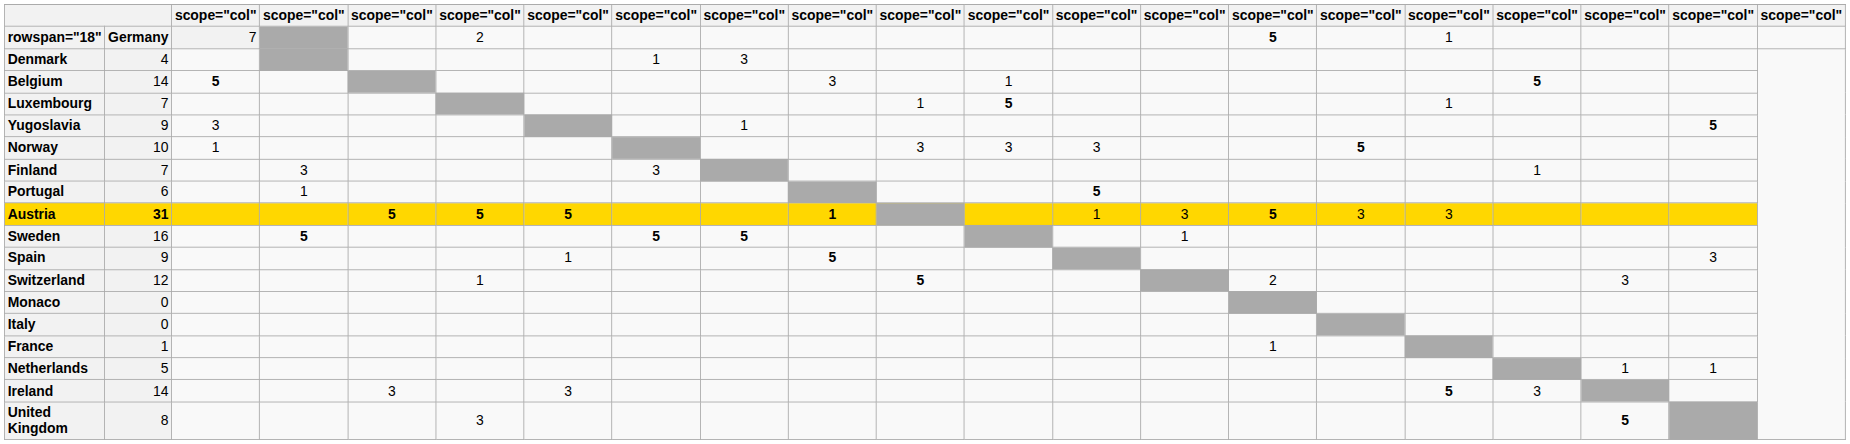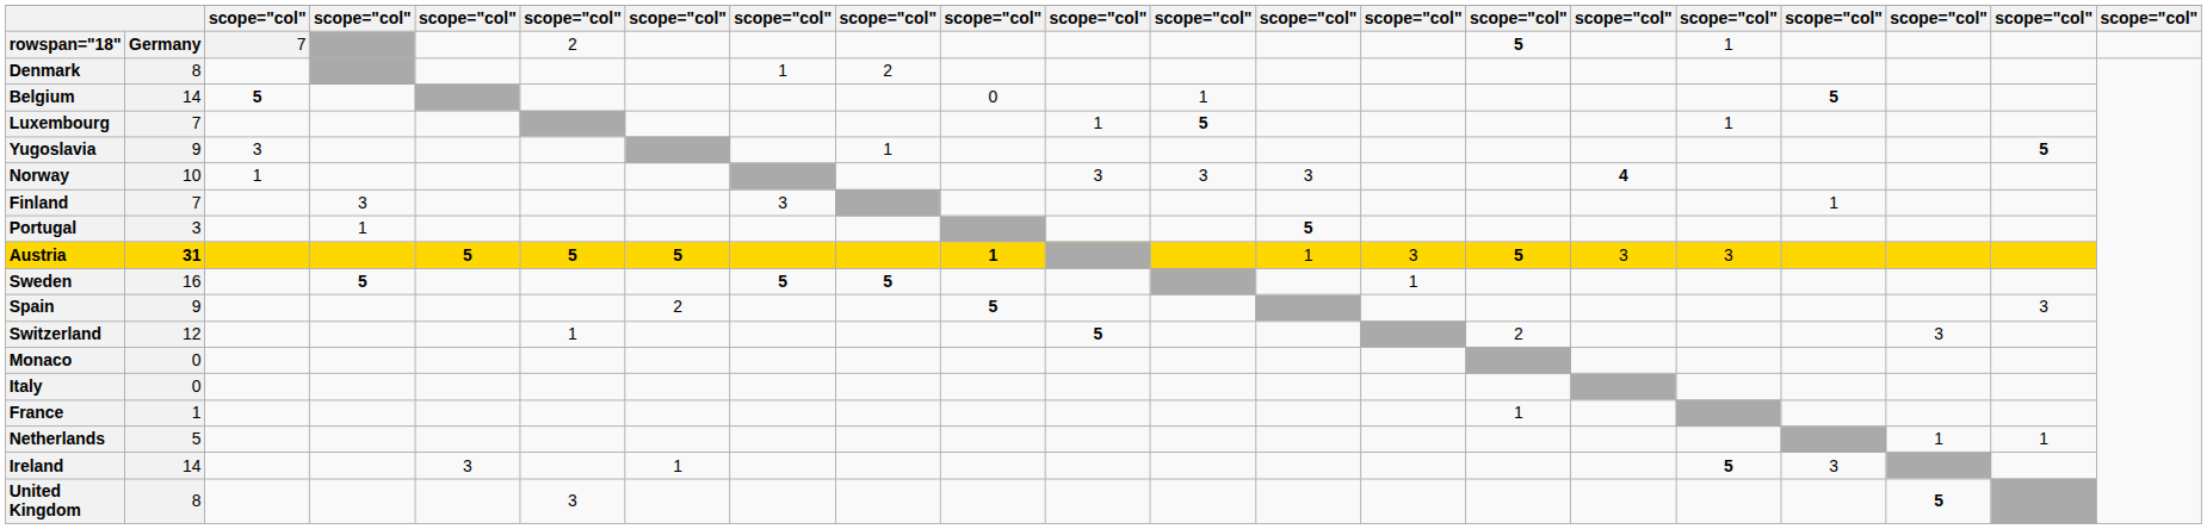 <table class="wikitable plainrowheaders" style="text-align:center;">
 <tr>
 </tr>
 <tr>
 <th colspan="2"></th>
 <th>scope="col" </th>
 <th>scope="col" </th>
 <th>scope="col" </th>
 <th>scope="col" </th>
 <th>scope="col" </th>
 <th>scope="col" </th>
 <th>scope="col" </th>
 <th>scope="col" </th>
 <th>scope="col" </th>
 <th>scope="col" </th>
 <th>scope="col" </th>
 <th>scope="col" </th>
 <th>scope="col" </th>
 <th>scope="col" </th>
 <th>scope="col" </th>
 <th>scope="col" </th>
 <th>scope="col" </th>
 <th>scope="col" </th>
 <th>scope="col" </th>
 </tr>
 <tr>
 <th>rowspan="18" </th>
 <th scope="row" style="text-align:left; background:#f2f2f2;">Germany</th>
 <td style="text-align:right; background:#f2f2f2;">7</td>
 <td style="text-align:left; background:#aaa;"></td>
 <td></td>
 <td>2</td>
 <td></td>
 <td></td>
 <td></td>
 <td></td>
 <td></td>
 <td></td>
 <td></td>
 <td></td>
 <td><strong>5</strong></td>
 <td></td>
 <td>1</td>
 <td></td>
 <td></td>
 <td></td>
 <td></td>
 </tr>
 <tr>
 <th scope="row" style="text-align:left; background:#f2f2f2;">Denmark</th>
-<td style="text-align:right; background:#f2f2f2;">4</td>
+<td style="text-align:right; background:#f2f2f2;">8</td>
 <td></td>
 <td style="text-align:left; background:#aaa;"></td>
 <td></td>
 <td></td>
 <td></td>
 <td>1</td>
-<td>3</td>
+<td>2</td>
 <td></td>
 <td></td>
 <td></td>
 <td></td>
 <td></td>
 <td></td>
 <td></td>
 <td></td>
 <td></td>
 <td></td>
 <td></td>
 </tr>
 <tr>
 <th scope="row" style="text-align:left; background:#f2f2f2;">Belgium</th>
 <td style="text-align:right; background:#f2f2f2;">14</td>
 <td><strong>5</strong></td>
 <td></td>
 <td style="text-align:left; background:#aaa;"></td>
 <td></td>
 <td></td>
 <td></td>
 <td></td>
-<td>3</td>
+<td>0</td>
 <td></td>
 <td>1</td>
 <td></td>
 <td></td>
 <td></td>
 <td></td>
 <td></td>
 <td><strong>5</strong></td>
 <td></td>
 <td></td>
 </tr>
 <tr>
 <th scope="row" style="text-align:left; background:#f2f2f2;">Luxembourg</th>
 <td style="text-align:right; background:#f2f2f2;">7</td>
 <td></td>
 <td></td>
 <td></td>
 <td style="text-align:left; background:#aaa;"></td>
 <td></td>
 <td></td>
 <td></td>
 <td></td>
 <td>1</td>
 <td><strong>5</strong></td>
 <td></td>
 <td></td>
 <td></td>
 <td></td>
 <td>1</td>
 <td></td>
 <td></td>
 <td></td>
 </tr>
 <tr>
 <th scope="row" style="text-align:left; background:#f2f2f2;">Yugoslavia</th>
 <td style="text-align:right; background:#f2f2f2;">9</td>
 <td>3</td>
 <td></td>
 <td></td>
 <td></td>
 <td style="text-align:left; background:#aaa;"></td>
 <td></td>
 <td>1</td>
 <td></td>
 <td></td>
 <td></td>
 <td></td>
 <td></td>
 <td></td>
 <td></td>
 <td></td>
 <td></td>
 <td></td>
 <td><strong>5</strong></td>
 </tr>
 <tr>
 <th scope="row" style="text-align:left; background:#f2f2f2;">Norway</th>
 <td style="text-align:right; background:#f2f2f2;">10</td>
 <td>1</td>
 <td></td>
 <td></td>
 <td></td>
 <td></td>
 <td style="text-align:left; background:#aaa;"></td>
 <td></td>
 <td></td>
 <td>3</td>
 <td>3</td>
 <td>3</td>
 <td></td>
 <td></td>
-<td><strong>5</strong></td>
+<td><strong>4</strong></td>
 <td></td>
 <td></td>
 <td></td>
 <td></td>
 </tr>
 <tr>
 <th scope="row" style="text-align:left; background:#f2f2f2;">Finland</th>
 <td style="text-align:right; background:#f2f2f2;">7</td>
 <td></td>
 <td>3</td>
 <td></td>
 <td></td>
 <td></td>
 <td>3</td>
 <td style="text-align:left; background:#aaa;"></td>
 <td></td>
 <td></td>
 <td></td>
 <td></td>
 <td></td>
 <td></td>
 <td></td>
 <td></td>
 <td>1</td>
 <td></td>
 <td></td>
 </tr>
 <tr>
 <th scope="row" style="text-align:left; background:#f2f2f2;">Portugal</th>
-<td style="text-align:right; background:#f2f2f2;">6</td>
+<td style="text-align:right; background:#f2f2f2;">3</td>
 <td></td>
 <td>1</td>
 <td></td>
 <td></td>
 <td></td>
 <td></td>
 <td></td>
 <td style="text-align:left; background:#aaa;"></td>
 <td></td>
 <td></td>
 <td><strong>5</strong></td>
 <td></td>
 <td></td>
 <td></td>
 <td></td>
 <td></td>
 <td></td>
 <td></td>
 </tr>
 <tr style="background:gold;">
 <th scope="row" style="text-align:left; font-weight:bold; background:gold;">Austria</th>
 <td style="text-align:right; font-weight:bold;">31</td>
 <td></td>
 <td></td>
 <td><strong>5</strong></td>
 <td><strong>5</strong></td>
 <td><strong>5</strong></td>
 <td></td>
 <td></td>
 <td><strong>1</strong></td>
 <td style="text-align:left; background:#aaa;"></td>
 <td></td>
 <td>1</td>
 <td>3</td>
 <td><strong>5</strong></td>
 <td>3</td>
 <td>3</td>
 <td></td>
 <td></td>
 <td></td>
 </tr>
 <tr>
 <th scope="row" style="text-align:left; background:#f2f2f2;">Sweden</th>
 <td style="text-align:right; background:#f2f2f2;">16</td>
 <td></td>
 <td><strong>5</strong></td>
 <td></td>
 <td></td>
 <td></td>
 <td><strong>5</strong></td>
 <td><strong>5</strong></td>
 <td></td>
 <td></td>
 <td style="text-align:left; background:#aaa;"></td>
 <td></td>
 <td>1</td>
 <td></td>
 <td></td>
 <td></td>
 <td></td>
 <td></td>
 <td></td>
 </tr>
 <tr>
 <th scope="row" style="text-align:left; background:#f2f2f2;">Spain</th>
 <td style="text-align:right; background:#f2f2f2;">9</td>
 <td></td>
 <td></td>
 <td></td>
 <td></td>
-<td>1</td>
+<td>2</td>
 <td></td>
 <td></td>
 <td><strong>5</strong></td>
 <td></td>
 <td></td>
 <td style="text-align:left; background:#aaa;"></td>
 <td></td>
 <td></td>
 <td></td>
 <td></td>
 <td></td>
 <td></td>
 <td>3</td>
 </tr>
 <tr>
 <th scope="row" style="text-align:left; background:#f2f2f2;">Switzerland</th>
 <td style="text-align:right; background:#f2f2f2;">12</td>
 <td></td>
 <td></td>
 <td></td>
 <td>1</td>
 <td></td>
 <td></td>
 <td></td>
 <td></td>
 <td><strong>5</strong></td>
 <td></td>
 <td></td>
 <td style="text-align:left; background:#aaa;"></td>
 <td>2</td>
 <td></td>
 <td></td>
 <td></td>
 <td>3</td>
 <td></td>
 </tr>
 <tr>
 <th scope="row" style="text-align:left; background:#f2f2f2;">Monaco</th>
 <td style="text-align:right; background:#f2f2f2;">0</td>
 <td></td>
 <td></td>
 <td></td>
 <td></td>
 <td></td>
 <td></td>
 <td></td>
 <td></td>
 <td></td>
 <td></td>
 <td></td>
 <td></td>
 <td style="text-align:left; background:#aaa;"></td>
 <td></td>
 <td></td>
 <td></td>
 <td></td>
 <td></td>
 </tr>
 <tr>
 <th scope="row" style="text-align:left; background:#f2f2f2;">Italy</th>
 <td style="text-align:right; background:#f2f2f2;">0</td>
 <td></td>
 <td></td>
 <td></td>
 <td></td>
 <td></td>
 <td></td>
 <td></td>
 <td></td>
 <td></td>
 <td></td>
 <td></td>
 <td></td>
 <td></td>
 <td style="text-align:left; background:#aaa;"></td>
 <td></td>
 <td></td>
 <td></td>
 <td></td>
 </tr>
 <tr>
 <th scope="row" style="text-align:left; background:#f2f2f2;">France</th>
 <td style="text-align:right; background:#f2f2f2;">1</td>
 <td></td>
 <td></td>
 <td></td>
 <td></td>
 <td></td>
 <td></td>
 <td></td>
 <td></td>
 <td></td>
 <td></td>
 <td></td>
 <td></td>
 <td>1</td>
 <td></td>
 <td style="text-align:left; background:#aaa;"></td>
 <td></td>
 <td></td>
 <td></td>
 </tr>
 <tr>
 <th scope="row" style="text-align:left; background:#f2f2f2;">Netherlands</th>
 <td style="text-align:right; background:#f2f2f2;">5</td>
 <td></td>
 <td></td>
 <td></td>
 <td></td>
 <td></td>
 <td></td>
 <td></td>
 <td></td>
 <td></td>
 <td></td>
 <td></td>
 <td></td>
 <td></td>
 <td></td>
 <td></td>
 <td style="text-align:left; background:#aaa;"></td>
 <td>1</td>
 <td>1</td>
 </tr>
 <tr>
 <th scope="row" style="text-align:left; background:#f2f2f2;">Ireland</th>
 <td style="text-align:right; background:#f2f2f2;">14</td>
 <td></td>
 <td></td>
 <td>3</td>
 <td></td>
-<td>3</td>
+<td>1</td>
 <td></td>
 <td></td>
 <td></td>
 <td></td>
 <td></td>
 <td></td>
 <td></td>
 <td></td>
 <td></td>
 <td><strong>5</strong></td>
 <td>3</td>
 <td style="text-align:left; background:#aaa;"></td>
 <td></td>
 </tr>
 <tr>
 <th scope="row" style="text-align:left; background:#f2f2f2;">United Kingdom</th>
 <td style="text-align:right; background:#f2f2f2;">8</td>
 <td></td>
 <td></td>
 <td></td>
 <td>3</td>
 <td></td>
 <td></td>
 <td></td>
 <td></td>
 <td></td>
 <td></td>
 <td></td>
 <td></td>
 <td></td>
 <td></td>
 <td></td>
 <td></td>
 <td><strong>5</strong></td>
 <td style="text-align:left; background:#aaa;"></td>
 </tr>
 </table>
